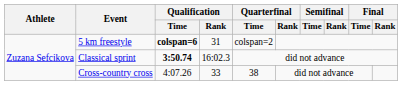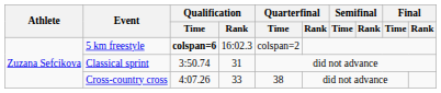 <table class="wikitable" style="font-size:90%">
 <tr>
 <th rowspan="2">Athlete</th>
 <th rowspan="2">Event</th>
 <th colspan="2">Qualification</th>
 <th colspan="2">Quarterfinal</th>
 <th colspan="2">Semifinal</th>
 <th colspan="2">Final</th>
 </tr>
 <tr style="font-size:95%">
 <th>Time</th>
 <th>Rank</th>
 <th>Time</th>
 <th>Rank</th>
 <th>Time</th>
 <th>Rank</th>
 <th>Time</th>
 <th>Rank</th>
 </tr>
 <tr align=center>
 <td align=left rowspan=3><a href='#'>Zuzana Sefcikova</a></td>
 <td align=left><a href='#'>5 km freestyle</a></td>
 <td><strong>colspan=6 </strong></td>
-<td>31</td>
+<td>16:02.3</td>
 <td>colspan=2 </td>
 </tr>
 <tr align=center>
 <td align=left><a href='#'>Classical sprint</a></td>
-<td><strong>3:50.74</strong></td>
-<td>16:02.3</td>
+<td>3:50.74</td>
+<td>31</td>
 <td colspan=6>did not advance</td>
 </tr>
 <tr align=center>
 <td align=left><a href='#'>Cross-country cross</a></td>
 <td>4:07.26</td>
 <td>33</td>
 <td>38</td>
 <td colspan=4>did not advance</td>
 </tr>
 </table>
